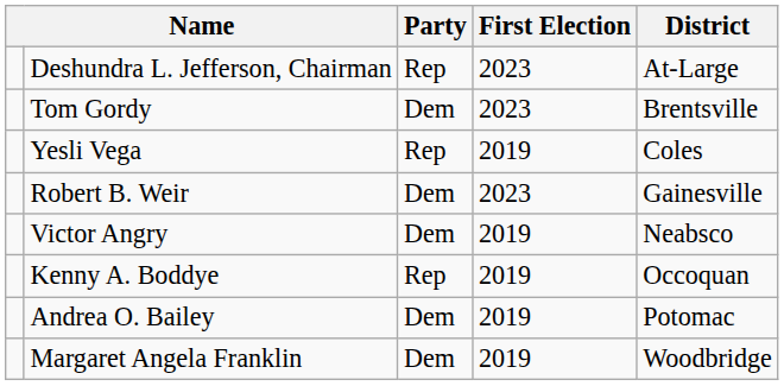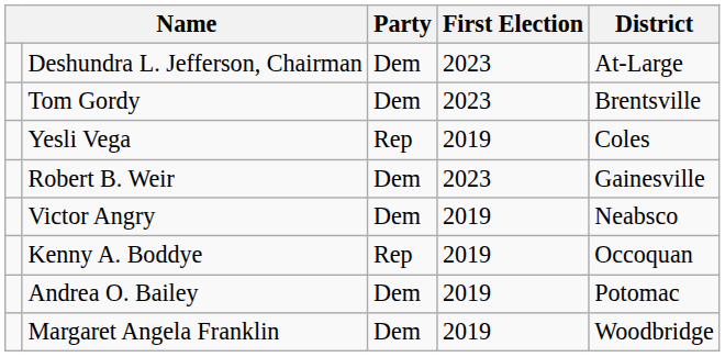 <table class=wikitable>
 <tr>
 <th colspan=2 align=center>Name</th>
 <th valign=bottom>Party</th>
 <th valign=bottom>First Election</th>
 <th valign=bottom>District</th>
 </tr>
 <tr>
 <td style="background-color:"> </td>
 <td>Deshundra L. Jefferson, Chairman</td>
-<td>Rep</td>
+<td>Dem</td>
 <td>2023</td>
 <td>At-Large</td>
 </tr>
 <tr>
 <td style="background-color:"> </td>
 <td>Tom Gordy</td>
 <td>Dem</td>
 <td>2023</td>
 <td>Brentsville</td>
 </tr>
 <tr>
 <td style="background-color:"> </td>
 <td>Yesli Vega</td>
 <td>Rep</td>
 <td>2019</td>
 <td>Coles</td>
 </tr>
 <tr>
 <td style="background-color:"> </td>
 <td>Robert B. Weir</td>
 <td>Dem</td>
 <td>2023</td>
 <td>Gainesville</td>
 </tr>
 <tr>
 <td style="background-color:"> </td>
 <td>Victor Angry</td>
 <td>Dem</td>
 <td>2019</td>
 <td>Neabsco</td>
 </tr>
 <tr>
 <td style="background-color:"> </td>
 <td>Kenny A. Boddye</td>
 <td>Rep</td>
 <td>2019</td>
 <td>Occoquan</td>
 </tr>
 <tr>
 <td style="background-color:"> </td>
 <td>Andrea O. Bailey</td>
 <td>Dem</td>
 <td>2019</td>
 <td>Potomac</td>
 </tr>
 <tr>
 <td style="background-color:"> </td>
 <td>Margaret Angela Franklin</td>
 <td>Dem</td>
 <td>2019</td>
 <td>Woodbridge</td>
 </tr>
 </table>
